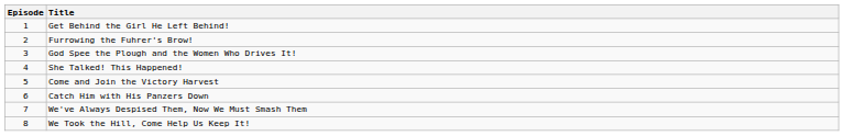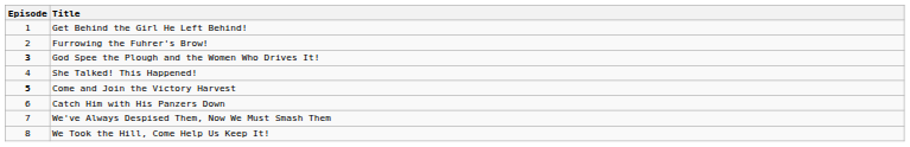 <table class="wikitable plainrowheaders" style="width:100%; text-align:center;">
 <tr>
 <th scope="col" style="width:5%;">Episode</th>
 <th scope="col" style="text-align:left;">Title</th>
 </tr>
 <tr>
 <td>1</td>
 <td style="text-align:left;">Get Behind the Girl He Left Behind!</td>
 </tr>
 <tr>
 <td>2</td>
 <td style="text-align:left;">Furrowing the Fuhrer's Brow!</td>
 </tr>
 <tr>
-<td>3</td>
+<td><strong>3</strong></td>
 <td style="text-align:left;">God Spee the Plough and the Women Who Drives It!</td>
 </tr>
 <tr>
 <td>4</td>
 <td style="text-align:left;">She Talked! This Happened!</td>
 </tr>
 <tr>
-<td>5</td>
+<td><strong>5</strong></td>
 <td style="text-align:left;">Come and Join the Victory Harvest</td>
 </tr>
 <tr>
 <td>6</td>
 <td style="text-align:left;">Catch Him with His Panzers Down</td>
 </tr>
 <tr>
 <td>7</td>
 <td style="text-align:left;">We've Always Despised Them, Now We Must Smash Them</td>
 </tr>
 <tr>
 <td>8</td>
 <td style="text-align:left;">We Took the Hill, Come Help Us Keep It!</td>
 </tr>
 </table>
